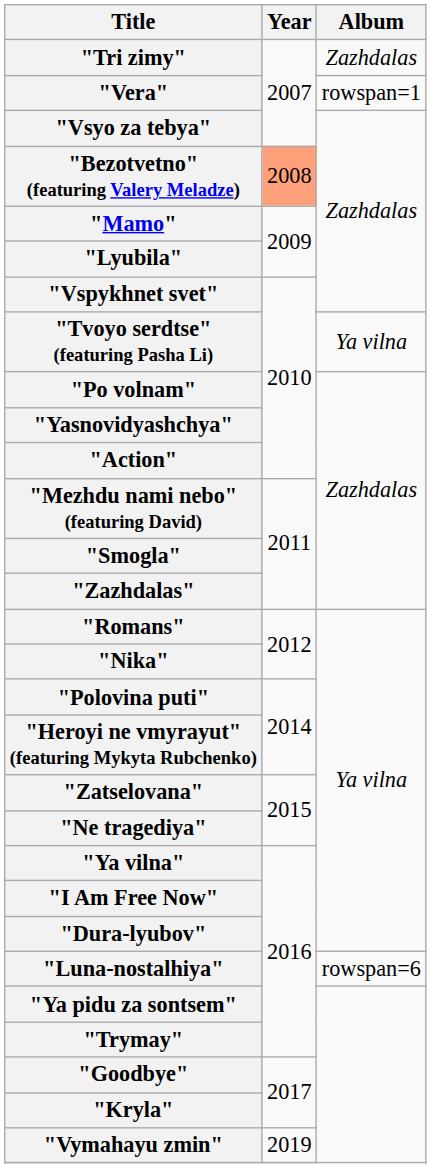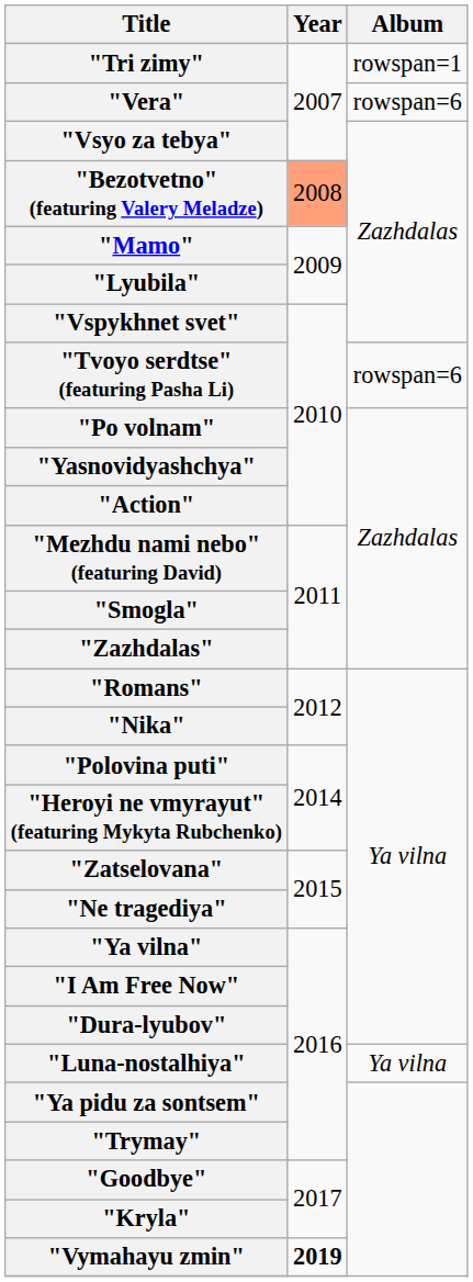 <table class="wikitable plainrowheaders" style="text-align:center;">
 <tr>
 <th scope="col" rowspan="1">Title</th>
 <th scope="col" rowspan="1" style="width:1em;">Year</th>
 <th scope="col" rowspan="1">Album</th>
 </tr>
 <tr>
 <th scope="row">"Tri zimy"</th>
 <td rowspan=3>2007</td>
-<td rowspan=1><em>Zazhdalas</em></td>
+<td>rowspan=1 </td>
 </tr>
 <tr>
 <th scope="row">"Vera"</th>
-<td>rowspan=1 </td>
+<td>rowspan=6 </td>
 </tr>
 <tr>
 <th scope="row">"Vsyo za tebya"</th>
 <td rowspan=5><em>Zazhdalas</em></td>
 </tr>
 <tr>
 <th scope="row">"Bezotvetno"<br><small>(featuring <a href='#'>Valery Meladze</a>)</small></th>
 <td rowspan=1 style="background: lightsalmon;">2008</td>
 </tr>
 <tr>
 <th scope="row">"<a href='#'>Mamo</a>"</th>
 <td rowspan=2>2009</td>
 </tr>
 <tr>
 <th scope="row">"Lyubila"</th>
 </tr>
 <tr>
 <th scope="row">"Vspykhnet svet"</th>
 <td rowspan=5>2010</td>
 </tr>
 <tr>
 <th scope="row">"Tvoyo serdtse"<br><small>(featuring Pasha Li)</small></th>
-<td rowspan=1><em>Ya vilna</em></td>
+<td>rowspan=6 </td>
 </tr>
 <tr>
 <th scope="row">"Po volnam"</th>
 <td rowspan=6><em>Zazhdalas</em></td>
 </tr>
 <tr>
 <th scope="row">"Yasnovidyashchya"</th>
 </tr>
 <tr>
 <th scope="row">"Action"</th>
 </tr>
 <tr>
 <th scope="row">"Mezhdu nami nebo"<br><small>(featuring David)</small></th>
 <td rowspan=3>2011</td>
 </tr>
 <tr>
 <th scope="row">"Smogla"</th>
 </tr>
 <tr>
 <th scope="row">"Zazhdalas"</th>
 </tr>
 <tr>
 <th scope="row">"Romans"</th>
 <td rowspan=2>2012</td>
 <td rowspan=9><em>Ya vilna</em></td>
 </tr>
 <tr>
 <th scope="row">"Nika"</th>
 </tr>
 <tr>
 <th scope="row">"Polovina puti"</th>
 <td rowspan=2>2014</td>
 </tr>
 <tr>
 <th scope="row">"Heroyi ne vmyrayut"<br><small>(featuring Mykyta Rubchenko)</small></th>
 </tr>
 <tr>
 <th scope="row">"Zatselovana"</th>
 <td rowspan=2>2015</td>
 </tr>
 <tr>
 <th scope="row">"Ne tragediya"</th>
 </tr>
 <tr>
 <th scope="row">"Ya vilna"</th>
 <td rowspan=6>2016</td>
 </tr>
 <tr>
 <th scope="row">"I Am Free Now"</th>
 </tr>
 <tr>
 <th scope="row">"Dura-lyubov"</th>
 </tr>
 <tr>
 <th scope="row">"Luna-nostalhiya"</th>
-<td>rowspan=6 </td>
+<td rowspan=1><em>Ya vilna</em></td>
 </tr>
 <tr>
 <th scope="row">"Ya pidu za sontsem"</th>
 </tr>
 <tr>
 <th scope="row">"Trymay"</th>
 </tr>
 <tr>
 <th scope="row">"Goodbye"</th>
 <td rowspan=2>2017</td>
 </tr>
 <tr>
 <th scope="row">"Kryla"</th>
 </tr>
 <tr>
 <th scope="row">"Vymahayu zmin"</th>
-<td rowspan=1>2019</td>
+<td rowspan=1><strong>2019</strong></td>
 </tr>
 <tr>
 </tr>
 </table>
